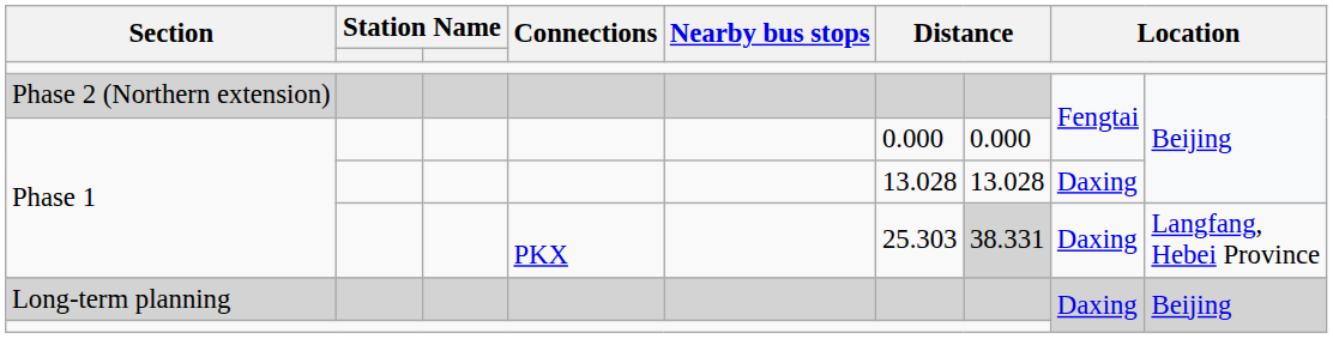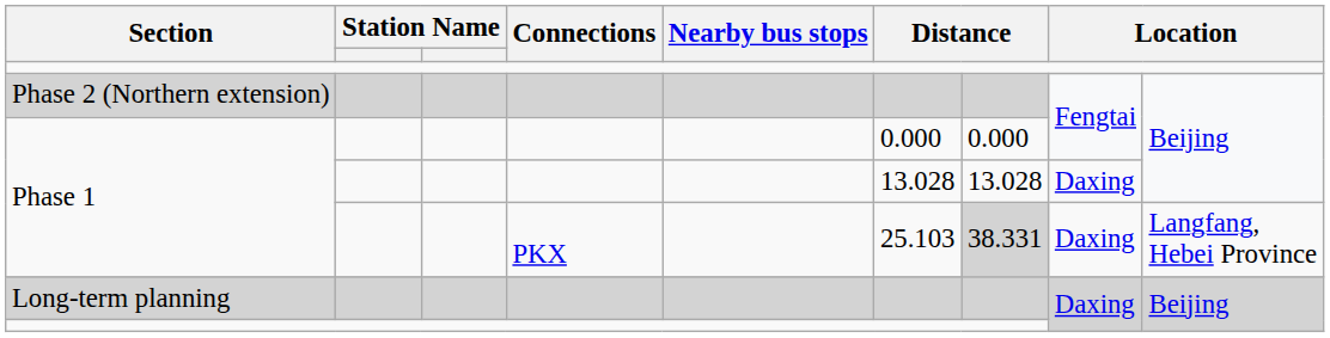 <table class="wikitable">
 <tr>
 <th rowspan="2">Section</th>
 <th colspan="2">Station Name</th>
 <th rowspan="2">Connections</th>
 <th rowspan="2"><a href='#'>Nearby bus stops</a></th>
 <th colspan="2" rowspan="2">Distance<br></th>
 <th colspan="2" rowspan="2">Location</th>
 </tr>
 <tr>
 <th></th>
 <th></th>
 </tr>
 <tr style="background:#">
 <td colspan = "9"></td>
 </tr>
 <tr bgcolor="lightgrey">
 <td>Phase 2 (Northern extension)</td>
 <td><em></em></td>
 <td><em></em></td>
 <td>  </td>
 <td></td>
 <td></td>
 <td></td>
 <td bgcolor="#F8F9FA" rowspan="2"><a href='#'>Fengtai</a></td>
 <td bgcolor="#F8F9FA" rowspan="3"><a href='#'>Beijing</a></td>
 </tr>
 <tr>
 <td rowspan="3">Phase 1</td>
 <td></td>
 <td></td>
 <td> </td>
 <td></td>
 <td>0.000 </td>
 <td>0.000</td>
 </tr>
 <tr>
 <td></td>
 <td></td>
 <td></td>
 <td></td>
 <td>13.028</td>
 <td>13.028</td>
 <td><a href='#'>Daxing</a></td>
 </tr>
 <tr>
 <td></td>
 <td></td>
 <td><br> <a href='#'>PKX</a></td>
 <td></td>
-<td>25.303</td>
+<td>25.103</td>
 <td style="background: lightgrey;">38.331</td>
 <td><a href='#'>Daxing</a></td>
 <td><a href='#'>Langfang</a>,<br><a href='#'>Hebei</a> Province</td>
 </tr>
 <tr bgcolor="lightgrey">
 <td>Long-term planning</td>
 <td><em></em></td>
 <td><em></em></td>
 <td></td>
 <td></td>
 <td> </td>
 <td> </td>
 <td rowspan="2"><a href='#'>Daxing</a></td>
 <td rowspan="3"><a href='#'>Beijing</a></td>
 </tr>
 <tr style="background:#">
 <td colspan = "9"></td>
 </tr>
 </table>
